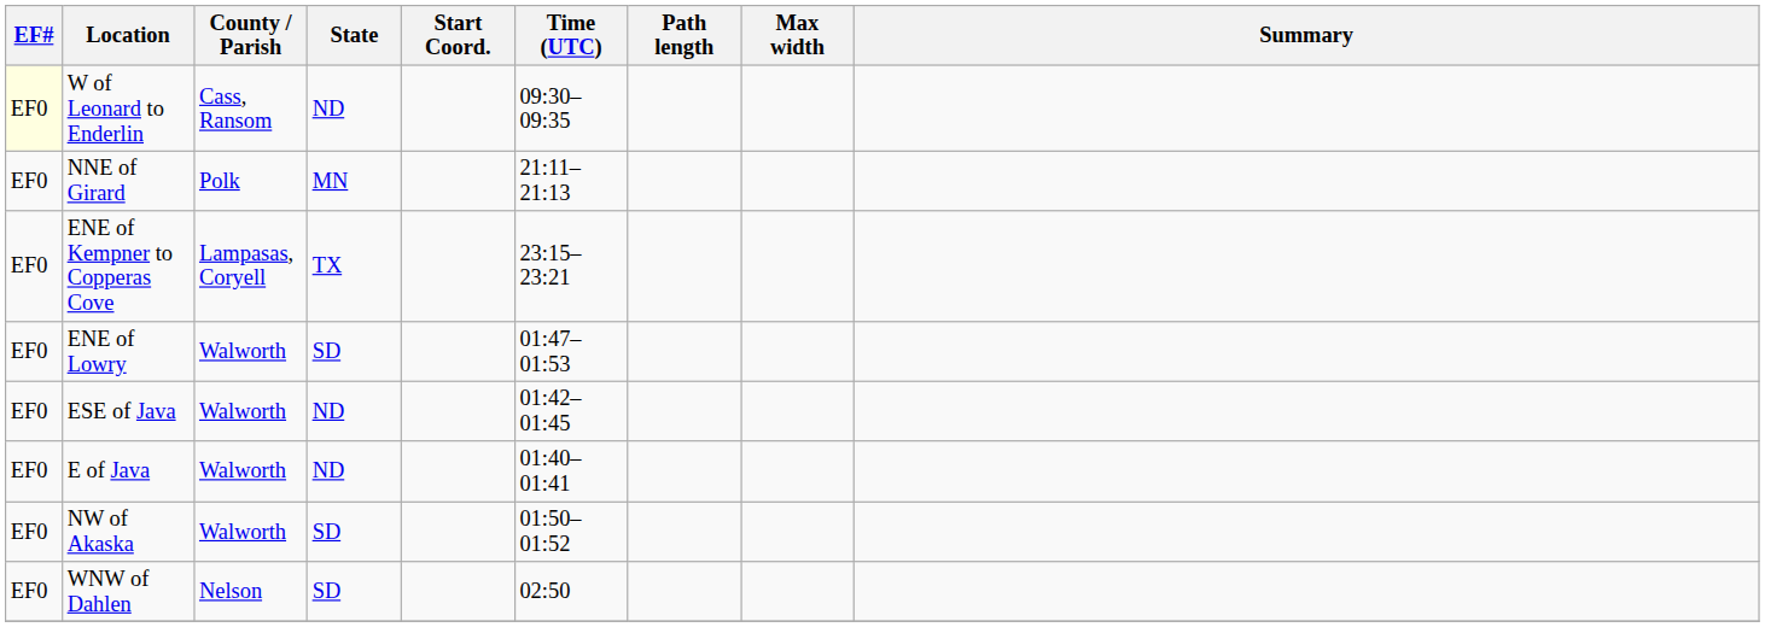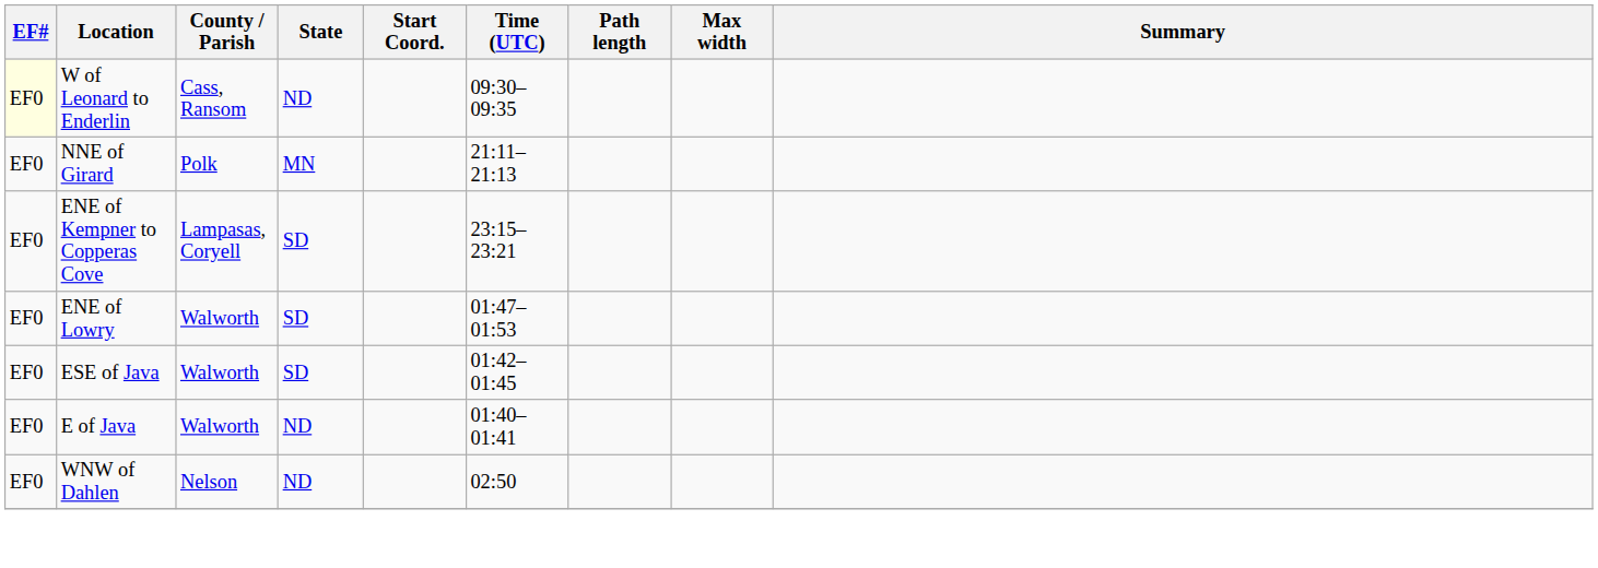 <table class="wikitable sortable" style="width:100%;">
 <tr>
 <th scope="col"  style="width:3%; text-align:center;"><a href='#'>EF#</a></th>
 <th scope="col"  style="width:7%; text-align:center;" class="unsortable">Location</th>
 <th scope="col"  style="width:6%; text-align:center;" class="unsortable">County / Parish</th>
 <th scope="col"  style="width:5%; text-align:center;">State</th>
 <th scope="col"  style="width:6%; text-align:center;">Start Coord.</th>
 <th scope="col"  style="width:6%; text-align:center;">Time (<a href='#'>UTC</a>)</th>
 <th scope="col"  style="width:6%; text-align:center;">Path length</th>
 <th scope="col"  style="width:6%; text-align:center;">Max width</th>
 <th scope="col" class="unsortable" style="width:48%; text-align:center;">Summary</th>
 </tr>
 <tr>
 <td style="background: lightyellow;">EF0</td>
 <td>W of <a href='#'>Leonard</a> to <a href='#'>Enderlin</a></td>
 <td><a href='#'>Cass</a>, <a href='#'>Ransom</a></td>
 <td><a href='#'>ND</a></td>
 <td></td>
 <td>09:30–09:35</td>
 <td></td>
 <td></td>
 <td></td>
 </tr>
 <tr>
 <td>EF0</td>
 <td>NNE of <a href='#'>Girard</a></td>
 <td><a href='#'>Polk</a></td>
 <td><a href='#'>MN</a></td>
 <td></td>
 <td>21:11–21:13</td>
 <td></td>
 <td></td>
 <td></td>
 </tr>
 <tr>
 <td>EF0</td>
 <td>ENE of <a href='#'>Kempner</a> to <a href='#'>Copperas Cove</a></td>
 <td><a href='#'>Lampasas</a>, <a href='#'>Coryell</a></td>
-<td><a href='#'>TX</a></td>
+<td><a href='#'>SD</a></td>
 <td></td>
 <td>23:15–23:21</td>
 <td></td>
 <td></td>
 <td></td>
 </tr>
 <tr>
 <td>EF0</td>
 <td>ENE of <a href='#'>Lowry</a></td>
 <td><a href='#'>Walworth</a></td>
 <td><a href='#'>SD</a></td>
 <td></td>
 <td>01:47–01:53</td>
 <td></td>
 <td></td>
 <td></td>
 </tr>
 <tr>
 <td>EF0</td>
 <td>ESE of <a href='#'>Java</a></td>
 <td><a href='#'>Walworth</a></td>
-<td><a href='#'>ND</a></td>
+<td><a href='#'>SD</a></td>
 <td></td>
 <td>01:42–01:45</td>
 <td></td>
 <td></td>
 <td></td>
 </tr>
 <tr>
 <td>EF0</td>
 <td>E of <a href='#'>Java</a></td>
 <td><a href='#'>Walworth</a></td>
 <td><a href='#'>ND</a></td>
 <td></td>
 <td>01:40–01:41</td>
 <td></td>
 <td></td>
 <td></td>
 </tr>
 <tr>
 <td>EF0</td>
-<td>NW of <a href='#'>Akaska</a></td>
-<td><a href='#'>Walworth</a></td>
-<td><a href='#'>SD</a></td>
-<td></td>
-<td>01:50–01:52</td>
-<td></td>
-<td></td>
-<td></td>
-</tr>
-<tr>
-<td>EF0</td>
 <td>WNW of <a href='#'>Dahlen</a></td>
 <td><a href='#'>Nelson</a></td>
-<td><a href='#'>SD</a></td>
+<td><a href='#'>ND</a></td>
 <td></td>
 <td>02:50</td>
 <td></td>
 <td></td>
 <td></td>
 </tr>
 <tr>
 </tr>
 </table>
